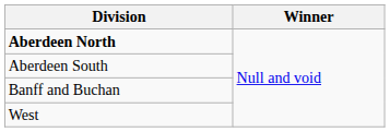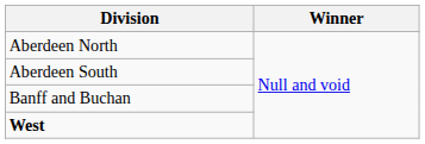 <table class="wikitable">
 <tr>
 <th width=230>Division</th>
 <th width=150>Winner</th>
 </tr>
 <tr>
-<td><strong>Aberdeen North</strong></td>
+<td>Aberdeen North</td>
 <td rowspan="4"><a href='#'>Null and void</a></td>
 </tr>
 <tr>
 <td>Aberdeen South</td>
 </tr>
 <tr>
 <td>Banff and Buchan</td>
 </tr>
 <tr>
-<td>West</td>
+<td><strong>West</strong></td>
 </tr>
 </table>
